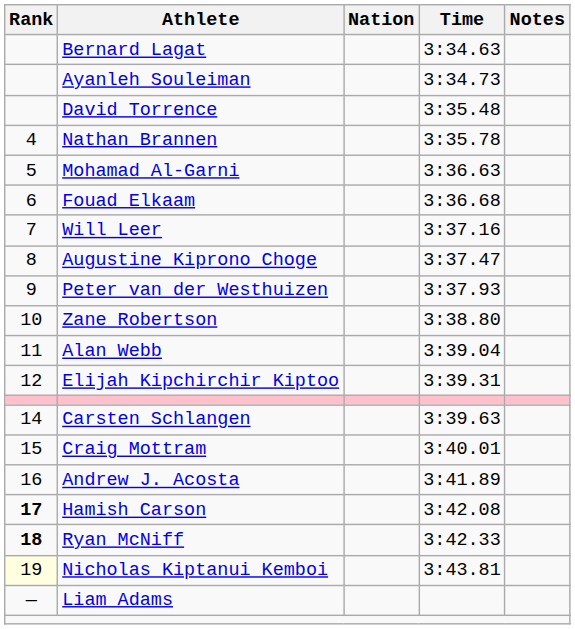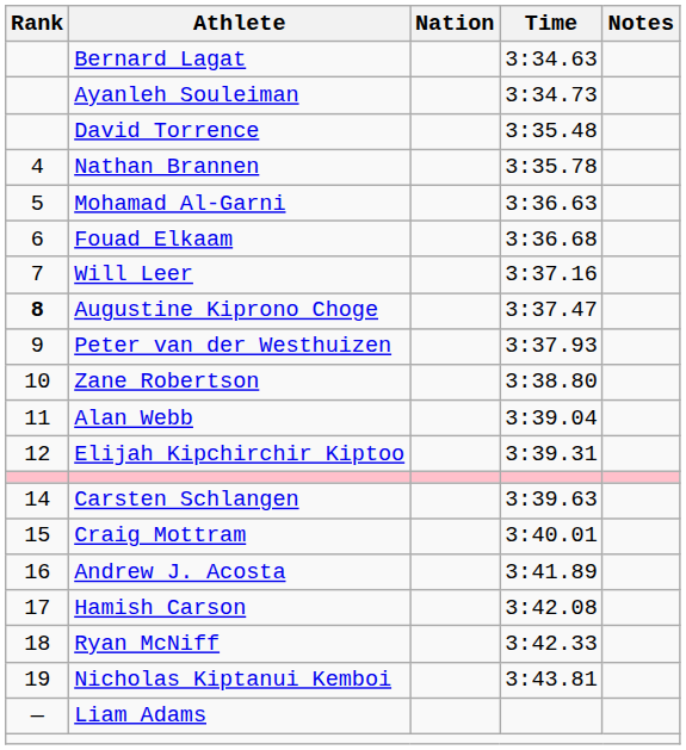 <table class="wikitable mw-datatable sortable" style="text-align:center;">
 <tr>
 <th>Rank</th>
 <th>Athlete</th>
 <th>Nation</th>
 <th>Time</th>
 <th>Notes</th>
 </tr>
 <tr>
 <td></td>
 <td align=left><a href='#'>Bernard Lagat</a></td>
 <td align=left></td>
 <td>3:34.63</td>
 <td></td>
 </tr>
 <tr>
 <td></td>
 <td align=left><a href='#'>Ayanleh Souleiman</a></td>
 <td align=left></td>
 <td>3:34.73</td>
 <td></td>
 </tr>
 <tr>
 <td></td>
 <td align=left><a href='#'>David Torrence</a></td>
 <td align=left></td>
 <td>3:35.48</td>
 <td></td>
 </tr>
 <tr>
 <td>4</td>
 <td align=left><a href='#'>Nathan Brannen</a></td>
 <td align=left></td>
 <td>3:35.78</td>
 <td></td>
 </tr>
 <tr>
 <td>5</td>
 <td align=left><a href='#'>Mohamad Al-Garni</a></td>
 <td align=left></td>
 <td>3:36.63</td>
 <td></td>
 </tr>
 <tr>
 <td>6</td>
 <td align=left><a href='#'>Fouad Elkaam</a></td>
 <td align=left></td>
 <td>3:36.68</td>
 <td></td>
 </tr>
 <tr>
 <td>7</td>
 <td align=left><a href='#'>Will Leer</a></td>
 <td align=left></td>
 <td>3:37.16</td>
 <td></td>
 </tr>
 <tr>
-<td>8</td>
+<td><strong>8</strong></td>
 <td align=left><a href='#'>Augustine Kiprono Choge</a></td>
 <td align=left></td>
 <td>3:37.47</td>
 <td></td>
 </tr>
 <tr>
 <td>9</td>
 <td align=left><a href='#'>Peter van der Westhuizen</a></td>
 <td align=left></td>
 <td>3:37.93</td>
 <td></td>
 </tr>
 <tr>
 <td>10</td>
 <td align=left><a href='#'>Zane Robertson</a></td>
 <td align=left></td>
 <td>3:38.80</td>
 <td></td>
 </tr>
 <tr>
 <td>11</td>
 <td align=left><a href='#'>Alan Webb</a></td>
 <td align=left></td>
 <td>3:39.04</td>
 <td></td>
 </tr>
 <tr>
 <td>12</td>
 <td align=left><a href='#'>Elijah Kipchirchir Kiptoo</a></td>
 <td align=left></td>
 <td>3:39.31</td>
 <td></td>
 </tr>
 <tr bgcolor=pink>
 <td></td>
 <td align=left></td>
 <td align=left></td>
 <td></td>
 <td></td>
 </tr>
 <tr>
 <td>14</td>
 <td align=left><a href='#'>Carsten Schlangen</a></td>
 <td align=left></td>
 <td>3:39.63</td>
 <td></td>
 </tr>
 <tr>
 <td>15</td>
 <td align=left><a href='#'>Craig Mottram</a></td>
 <td align=left></td>
 <td>3:40.01</td>
 <td></td>
 </tr>
 <tr>
 <td>16</td>
 <td align=left><a href='#'>Andrew J. Acosta</a></td>
 <td align=left></td>
 <td>3:41.89</td>
 <td></td>
 </tr>
 <tr>
-<td><strong>17</strong></td>
+<td>17</td>
 <td align=left><a href='#'>Hamish Carson</a></td>
 <td align=left></td>
 <td>3:42.08</td>
 <td></td>
 </tr>
 <tr>
-<td><strong>18</strong></td>
+<td>18</td>
 <td align=left><a href='#'>Ryan McNiff</a></td>
 <td align=left></td>
 <td>3:42.33</td>
 <td></td>
 </tr>
 <tr>
-<td style="background: lightyellow;">19</td>
+<td>19</td>
 <td align=left><a href='#'>Nicholas Kiptanui Kemboi</a></td>
 <td align=left></td>
 <td>3:43.81</td>
 <td></td>
 </tr>
 <tr>
 <td>—</td>
 <td align=left><a href='#'>Liam Adams</a></td>
 <td align=left></td>
 <td></td>
 <td></td>
 </tr>
 <tr class="sortbottom">
 <td colspan=5></td>
 </tr>
 </table>
